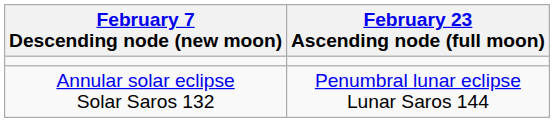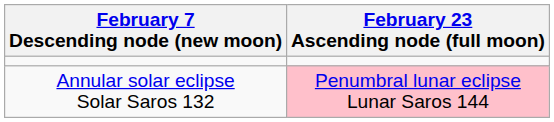 <table class="wikitable">
 <tr>
 <th><a href='#'>February 7</a><br>Descending node (new moon)<br></th>
 <th><a href='#'>February 23</a><br>Ascending node (full moon)<br></th>
 </tr>
 <tr>
 <td></td>
 <td></td>
 </tr>
 <tr align=center>
 <td><a href='#'>Annular solar eclipse</a><br>Solar Saros 132</td>
-<td><a href='#'>Penumbral lunar eclipse</a><br>Lunar Saros 144</td>
+<td style="background: pink;"><a href='#'>Penumbral lunar eclipse</a><br>Lunar Saros 144</td>
 </tr>
 </table>
